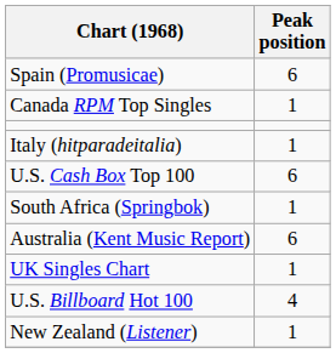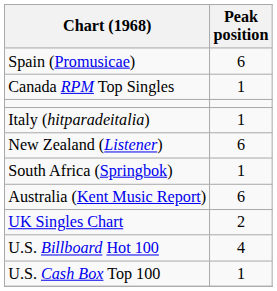 <table class="wikitable sortable">
 <tr>
 <th>Chart (1968)</th>
 <th>Peak<br>position</th>
 </tr>
 <tr>
 <td>Spain (<a href='#'>Promusicae</a>)</td>
 <td style="text-align:center;">6</td>
 </tr>
 <tr>
 <td>Canada <em><a href='#'>RPM</a></em> Top Singles</td>
 <td style="text-align:center;">1</td>
 </tr>
 <tr>
 <td></td>
 </tr>
 <tr>
 <td align="left">Italy (<em>hitparadeitalia</em>)</td>
 <td align="center">1</td>
 </tr>
 <tr>
-<td>U.S. <a href='#'><em>Cash Box</em></a> Top 100</td>
+<td>New Zealand (<em><a href='#'>Listener</a></em>)</td>
 <td style="text-align:center;">6</td>
 </tr>
 <tr>
 <td>South Africa (<a href='#'>Springbok</a>)</td>
 <td align="center">1</td>
 </tr>
 <tr>
 <td>Australia (<a href='#'>Kent Music Report</a>)</td>
 <td align="center">6</td>
 </tr>
 <tr>
 <td><a href='#'>UK Singles Chart</a></td>
-<td style="text-align:center;">1</td>
+<td style="text-align:center;">2</td>
 </tr>
 <tr>
 <td>U.S. <em><a href='#'>Billboard</a></em> <a href='#'>Hot 100</a></td>
 <td style="text-align:center;">4</td>
 </tr>
 <tr>
-<td>New Zealand (<em><a href='#'>Listener</a></em>)</td>
+<td>U.S. <a href='#'><em>Cash Box</em></a> Top 100</td>
 <td align="center">1</td>
 </tr>
 <tr>
 </tr>
 </table>
